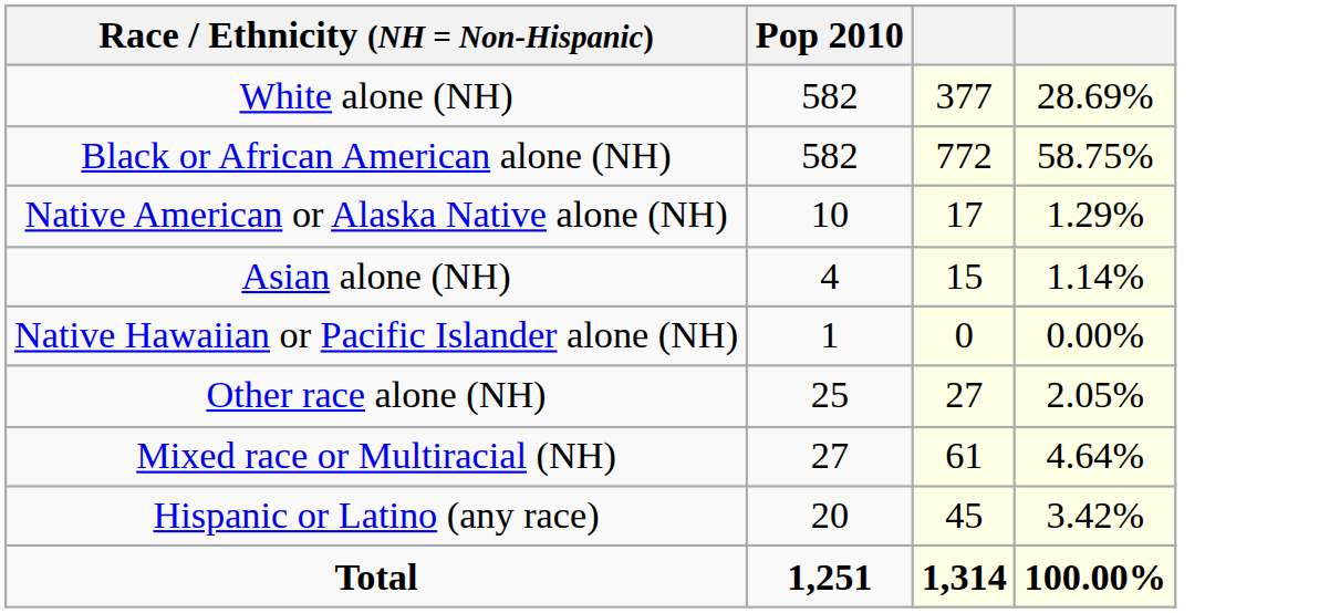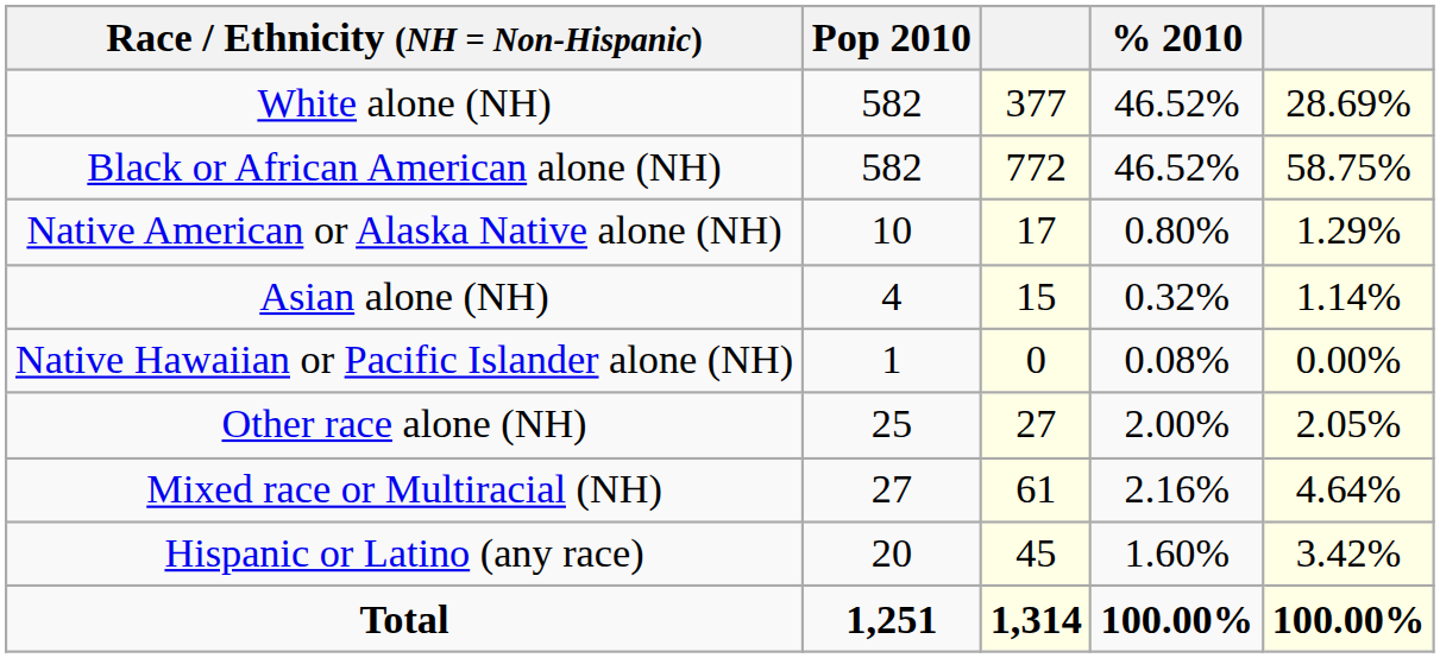 <table class="wikitable" style="text-align:center;">
 <tr>
 <th>Race / Ethnicity <small>(<em>NH = Non-Hispanic</em>)</small></th>
 <th>Pop 2010</th>
 <th></th>
+<th>% 2010</th>
 <th></th>
 </tr>
 <tr>
 <td><a href='#'>White</a> alone (NH)</td>
 <td>582</td>
 <td style='background: #ffffe6;'>377</td>
+<td>46.52%</td>
 <td style='background: #ffffe6;'>28.69%</td>
 </tr>
 <tr>
 <td><a href='#'>Black or African American</a> alone (NH)</td>
 <td>582</td>
 <td style='background: #ffffe6;'>772</td>
+<td>46.52%</td>
 <td style='background: #ffffe6;'>58.75%</td>
 </tr>
 <tr>
 <td><a href='#'>Native American</a> or <a href='#'>Alaska Native</a> alone (NH)</td>
 <td>10</td>
 <td style='background: #ffffe6;'>17</td>
+<td>0.80%</td>
 <td style='background: #ffffe6;'>1.29%</td>
 </tr>
 <tr>
 <td><a href='#'>Asian</a> alone (NH)</td>
 <td>4</td>
 <td style='background: #ffffe6;'>15</td>
+<td>0.32%</td>
 <td style='background: #ffffe6;'>1.14%</td>
 </tr>
 <tr>
 <td><a href='#'>Native Hawaiian</a> or <a href='#'>Pacific Islander</a> alone (NH)</td>
 <td>1</td>
 <td style='background: #ffffe6;'>0</td>
+<td>0.08%</td>
 <td style='background: #ffffe6;'>0.00%</td>
 </tr>
 <tr>
 <td><a href='#'>Other race</a> alone (NH)</td>
 <td>25</td>
 <td style='background: #ffffe6;'>27</td>
+<td>2.00%</td>
 <td style='background: #ffffe6;'>2.05%</td>
 </tr>
 <tr>
 <td><a href='#'>Mixed race or Multiracial</a> (NH)</td>
 <td>27</td>
 <td style='background: #ffffe6;'>61</td>
+<td>2.16%</td>
 <td style='background: #ffffe6;'>4.64%</td>
 </tr>
 <tr>
 <td><a href='#'>Hispanic or Latino</a> (any race)</td>
 <td>20</td>
 <td style='background: #ffffe6;'>45</td>
+<td>1.60%</td>
 <td style='background: #ffffe6;'>3.42%</td>
 </tr>
 <tr>
 <td><strong>Total</strong></td>
 <td><strong>1,251</strong></td>
 <td style='background: #ffffe6;'><strong>1,314</strong></td>
+<td><strong>100.00%</strong></td>
 <td style='background: #ffffe6;'><strong>100.00%</strong></td>
 </tr>
 </table>
